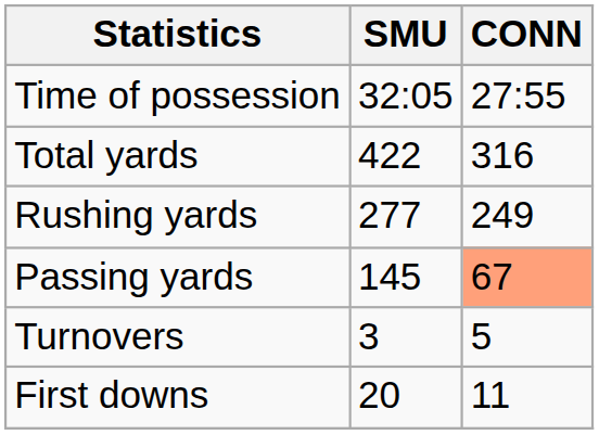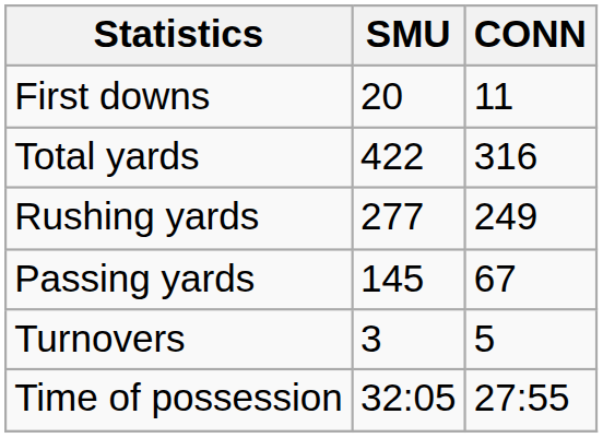 <table class="wikitable">
 <tr>
 <th>Statistics</th>
 <th>SMU</th>
 <th>CONN</th>
 </tr>
 <tr>
-<td>Time of possession</td>
-<td>32:05</td>
-<td>27:55</td>
+<td>First downs</td>
+<td>20</td>
+<td>11</td>
 </tr>
 <tr>
 <td>Total yards</td>
 <td>422</td>
 <td>316</td>
 </tr>
 <tr>
 <td>Rushing yards</td>
 <td>277</td>
 <td>249</td>
 </tr>
 <tr>
 <td>Passing yards</td>
 <td>145</td>
-<td style="background: lightsalmon;">67</td>
+<td>67</td>
 </tr>
 <tr>
 <td>Turnovers</td>
 <td>3</td>
 <td>5</td>
 </tr>
 <tr>
-<td>First downs</td>
-<td>20</td>
-<td>11</td>
+<td>Time of possession</td>
+<td>32:05</td>
+<td>27:55</td>
 </tr>
 <tr>
 </tr>
 </table>
